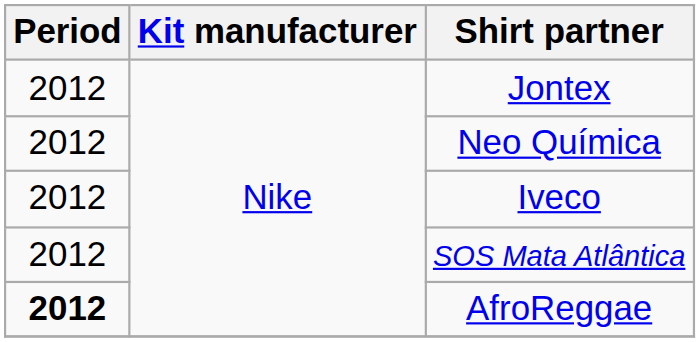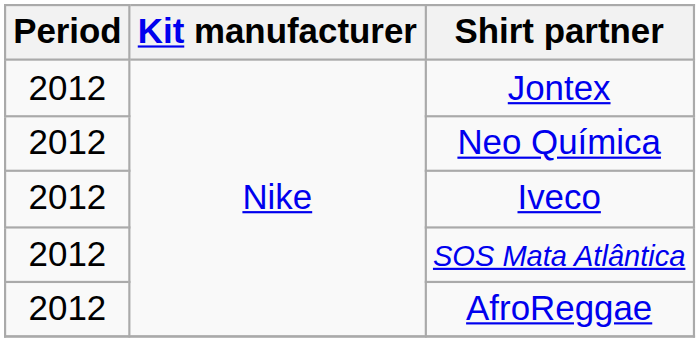 <table class="wikitable" style="text-align: center">
 <tr>
 <th>Period</th>
 <th><a href='#'>Kit</a> manufacturer</th>
 <th>Shirt partner</th>
 </tr>
 <tr>
 <td>2012</td>
 <td rowspan=5><a href='#'>Nike</a></td>
 <td><a href='#'>Jontex</a></td>
 </tr>
 <tr>
 <td>2012</td>
 <td><a href='#'>Neo Química</a></td>
 </tr>
 <tr>
 <td>2012</td>
 <td><a href='#'>Iveco</a></td>
 </tr>
 <tr>
 <td>2012</td>
 <td><a href='#'><small><em>SOS Mata Atlântica</em></small></a></td>
 </tr>
 <tr>
-<td><strong>2012</strong></td>
+<td>2012</td>
 <td><a href='#'>AfroReggae</a></td>
 </tr>
 <tr>
 </tr>
 </table>
